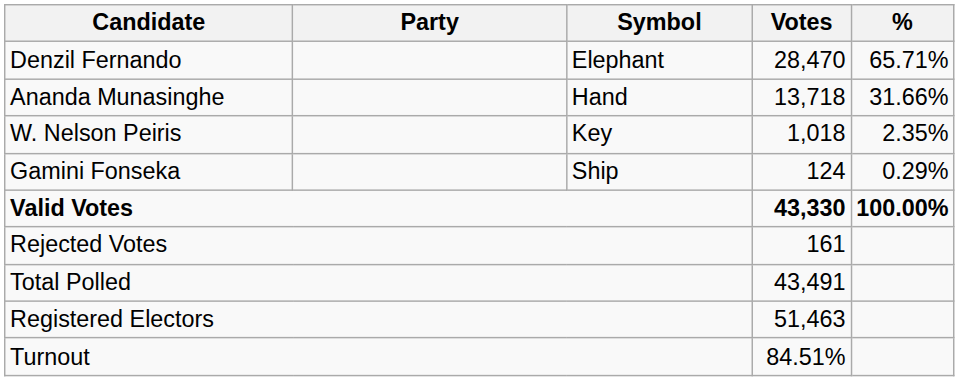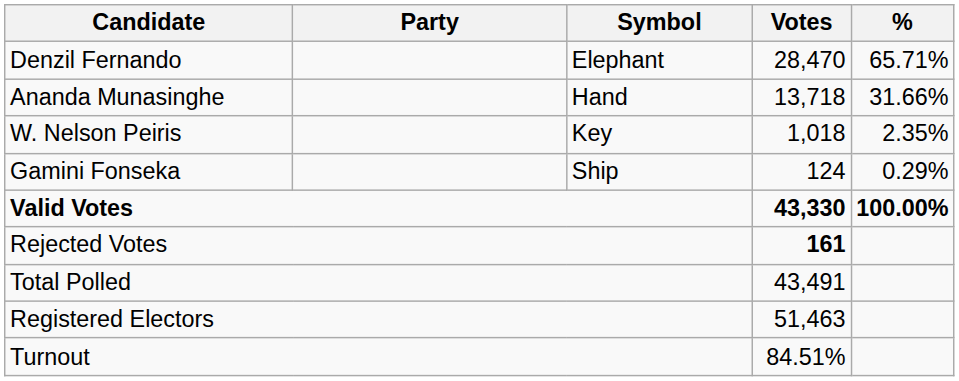 <table class="wikitable" border="1" style="text-align:right;">
 <tr>
 <th align=left width="190">Candidate</th>
 <th align=left width="180">Party</th>
 <th align=left width="120">Symbol</th>
 <th align=left width="60">Votes</th>
 <th align=left width="60">%</th>
 </tr>
 <tr>
 <td align=left>Denzil Fernando</td>
 <td></td>
 <td align=left>Elephant</td>
 <td>28,470</td>
 <td>65.71%</td>
 </tr>
 <tr>
 <td align=left>Ananda Munasinghe</td>
 <td></td>
 <td align=left>Hand</td>
 <td>13,718</td>
 <td>31.66%</td>
 </tr>
 <tr>
 <td align=left>W. Nelson Peiris</td>
 <td></td>
 <td align=left>Key</td>
 <td>1,018</td>
 <td>2.35%</td>
 </tr>
 <tr>
 <td align=left>Gamini Fonseka</td>
 <td></td>
 <td align=left>Ship</td>
 <td>124</td>
 <td>0.29%</td>
 </tr>
 <tr>
 <td align=left colspan=3><strong>Valid Votes</strong></td>
 <td><strong>43,330</strong></td>
 <td><strong>100.00%</strong></td>
 </tr>
 <tr>
 <td align=left colspan=3>Rejected Votes</td>
-<td>161</td>
+<td><strong>161</strong></td>
 <td></td>
 </tr>
 <tr>
 <td align=left colspan=3>Total Polled</td>
 <td>43,491</td>
 <td></td>
 </tr>
 <tr>
 <td align=left colspan=3>Registered Electors</td>
 <td>51,463</td>
 <td></td>
 </tr>
 <tr>
 <td align=left colspan=3>Turnout</td>
 <td>84.51%</td>
 </tr>
 </table>
